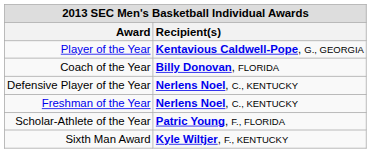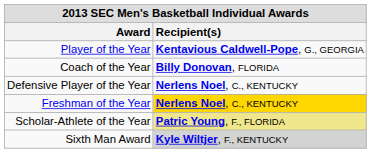 <table class="wikitable" style="white-space:nowrap; font-size:90%;">
 <tr>
 <td colspan="7" style="text-align:center; background:#ddd;"><strong>2013 SEC Men's Basketball Individual Awards</strong></td>
 </tr>
 <tr>
 <th style="text-align:right;">Award</th>
 <th style="text-align:left;">Recipient(s)</th>
 </tr>
 <tr>
 <td style="text-align:right;"><a href='#'>Player of the Year</a></td>
 <td style="text-align:left;"><strong><a href='#'>Kentavious Caldwell-Pope</a></strong>, <small>G., GEORGIA</small><br></td>
 </tr>
 <tr>
 <td style="text-align:right;">Coach of the Year</td>
 <td style="text-align:left;"><strong><a href='#'>Billy Donovan</a></strong>, <small>FLORIDA</small><br></td>
 </tr>
 <tr>
 <td style="text-align:right;">Defensive Player of the Year</td>
 <td style="text-align:left;"><strong><a href='#'>Nerlens Noel</a></strong>, <small>C., KENTUCKY</small><br></td>
 </tr>
 <tr>
 <td style="text-align:right;"><a href='#'>Freshman of the Year</a></td>
-<td style="text-align:left;"><strong><a href='#'>Nerlens Noel</a></strong>, <small>C., KENTUCKY</small><br></td>
+<td style="background: gold; text-align:left;"><strong><a href='#'>Nerlens Noel</a></strong>, <small>C., KENTUCKY</small><br></td>
 </tr>
 <tr>
 <td style="text-align:right;">Scholar-Athlete of the Year</td>
-<td style="text-align:left;"><strong><a href='#'>Patric Young</a></strong>, <small>F., FLORIDA</small><br></td>
+<td style="background: khaki; text-align:left;"><strong><a href='#'>Patric Young</a></strong>, <small>F., FLORIDA</small><br></td>
 </tr>
 <tr>
 <td style="text-align:right;">Sixth Man Award</td>
-<td style="text-align:left;"><strong><a href='#'>Kyle Wiltjer</a></strong>, <small>F., KENTUCKY</small><br></td>
+<td style="background: lightgrey; text-align:left;"><strong><a href='#'>Kyle Wiltjer</a></strong>, <small>F., KENTUCKY</small><br></td>
 </tr>
 </table>
